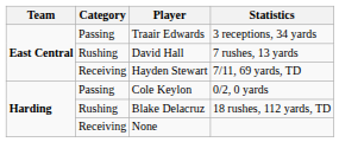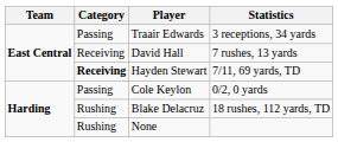 <table class="wikitable" style="float: right;">
 <tr>
 <th>Team</th>
 <th>Category</th>
 <th>Player</th>
 <th>Statistics</th>
 </tr>
 <tr>
 <td rowspan=3><strong>East Central</strong></td>
 <td>Passing</td>
 <td>Traair Edwards</td>
 <td>3 receptions, 34 yards</td>
 </tr>
 <tr>
-<td>Rushing</td>
+<td>Receiving</td>
 <td>David Hall</td>
 <td>7 rushes, 13 yards</td>
 </tr>
 <tr>
-<td>Receiving</td>
+<td><strong>Receiving</strong></td>
 <td>Hayden Stewart</td>
 <td>7/11, 69 yards, TD</td>
 </tr>
 <tr>
 <td rowspan=3><strong>Harding</strong></td>
 <td>Passing</td>
 <td>Cole Keylon</td>
 <td>0/2, 0 yards</td>
 </tr>
 <tr>
 <td>Rushing</td>
 <td>Blake Delacruz</td>
 <td>18 rushes, 112 yards, TD</td>
 </tr>
 <tr>
-<td>Receiving</td>
+<td>Rushing</td>
 <td>None</td>
 <td></td>
 </tr>
 </table>
